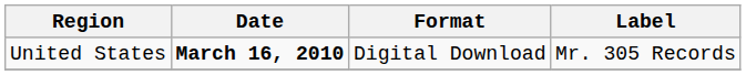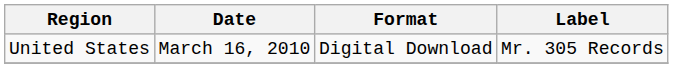 <table class=wikitable>
 <tr>
 <th>Region</th>
 <th>Date</th>
 <th>Format</th>
 <th>Label</th>
 </tr>
 <tr>
 <td>United States</td>
-<td><strong>March 16, 2010</strong></td>
+<td>March 16, 2010</td>
 <td>Digital Download</td>
 <td>Mr. 305 Records</td>
 </tr>
 <tr>
 </tr>
 </table>
